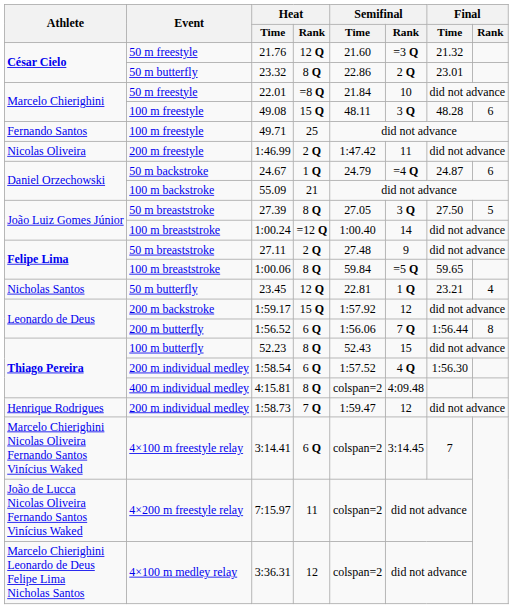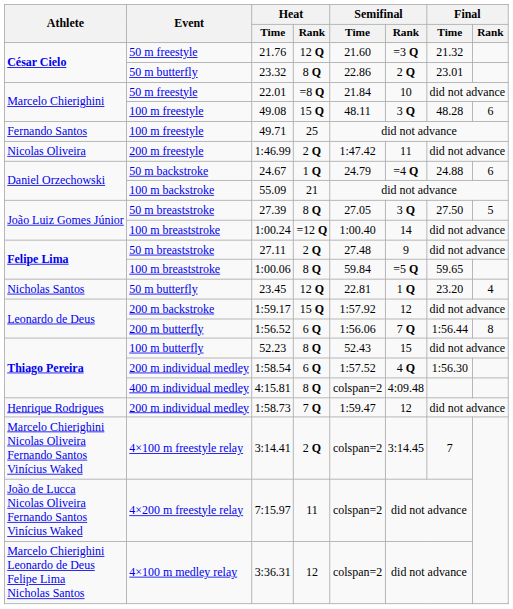 <table class=wikitable style="font-size:90%">
 <tr>
 <th rowspan="2">Athlete</th>
 <th rowspan="2">Event</th>
 <th colspan="2">Heat</th>
 <th colspan="2">Semifinal</th>
 <th colspan="2">Final</th>
 </tr>
 <tr style="font-size:95%">
 <th>Time</th>
 <th>Rank</th>
 <th>Time</th>
 <th>Rank</th>
 <th>Time</th>
 <th>Rank</th>
 </tr>
 <tr align=center>
 <td align=left rowspan=2><strong><a href='#'>César Cielo</a></strong></td>
 <td align=left><a href='#'>50 m freestyle</a></td>
 <td>21.76</td>
 <td>12 <strong>Q</strong></td>
 <td>21.60</td>
 <td>=3 <strong>Q</strong></td>
 <td>21.32</td>
 <td></td>
 </tr>
 <tr align=center>
 <td align=left><a href='#'>50 m butterfly</a></td>
 <td>23.32</td>
 <td>8 <strong>Q</strong></td>
 <td>22.86</td>
 <td>2 <strong>Q</strong></td>
 <td>23.01</td>
 <td></td>
 </tr>
 <tr align=center>
 <td align=left rowspan=2><a href='#'>Marcelo Chierighini</a></td>
 <td align=left><a href='#'>50 m freestyle</a></td>
 <td>22.01</td>
 <td>=8 <strong>Q</strong></td>
 <td>21.84</td>
 <td>10</td>
 <td colspan=2>did not advance</td>
 </tr>
 <tr align=center>
 <td align=left><a href='#'>100 m freestyle</a></td>
 <td>49.08</td>
 <td>15 <strong>Q</strong></td>
 <td>48.11</td>
 <td>3 <strong>Q</strong></td>
 <td>48.28</td>
 <td>6</td>
 </tr>
 <tr align=center>
 <td align=left><a href='#'>Fernando Santos</a></td>
 <td align=left><a href='#'>100 m freestyle</a></td>
 <td>49.71</td>
 <td>25</td>
 <td colspan=4>did not advance</td>
 </tr>
 <tr align=center>
 <td align=left><a href='#'>Nicolas Oliveira</a></td>
 <td align=left><a href='#'>200 m freestyle</a></td>
 <td>1:46.99</td>
 <td>2 <strong>Q</strong></td>
 <td>1:47.42</td>
 <td>11</td>
 <td colspan=2>did not advance</td>
 </tr>
 <tr align=center>
 <td align=left rowspan=2><a href='#'>Daniel Orzechowski</a></td>
 <td align=left><a href='#'>50 m backstroke</a></td>
 <td>24.67</td>
 <td>1 <strong>Q</strong></td>
 <td>24.79</td>
 <td>=4 <strong>Q</strong></td>
-<td>24.87</td>
+<td>24.88</td>
 <td>6</td>
 </tr>
 <tr align=center>
 <td align=left><a href='#'>100 m backstroke</a></td>
 <td>55.09</td>
 <td>21</td>
 <td colspan=4>did not advance</td>
 </tr>
 <tr align=center>
 <td align=left rowspan=2><a href='#'>João Luiz Gomes Júnior</a></td>
 <td align=left><a href='#'>50 m breaststroke</a></td>
 <td>27.39</td>
 <td>8 <strong>Q</strong></td>
 <td>27.05</td>
 <td>3 <strong>Q</strong></td>
 <td>27.50</td>
 <td>5</td>
 </tr>
 <tr align=center>
 <td align=left><a href='#'>100 m breaststroke</a></td>
 <td>1:00.24</td>
 <td>=12 <strong>Q</strong></td>
 <td>1:00.40</td>
 <td>14</td>
 <td colspan=2>did not advance</td>
 </tr>
 <tr align=center>
 <td align=left rowspan=2><strong><a href='#'>Felipe Lima</a></strong></td>
 <td align=left><a href='#'>50 m breaststroke</a></td>
 <td>27.11</td>
 <td>2 <strong>Q</strong></td>
 <td>27.48</td>
 <td>9</td>
 <td colspan=2>did not advance</td>
 </tr>
 <tr align=center>
 <td align=left><a href='#'>100 m breaststroke</a></td>
 <td>1:00.06</td>
 <td>8 <strong>Q</strong></td>
 <td>59.84</td>
 <td>=5 <strong>Q</strong></td>
 <td>59.65</td>
 <td></td>
 </tr>
 <tr align=center>
 <td align=left><a href='#'>Nicholas Santos</a></td>
 <td align=left><a href='#'>50 m butterfly</a></td>
 <td>23.45</td>
 <td>12 <strong>Q</strong></td>
 <td>22.81</td>
 <td>1 <strong>Q</strong></td>
-<td>23.21</td>
+<td>23.20</td>
 <td>4</td>
 </tr>
 <tr align=center>
 <td align=left rowspan=2><a href='#'>Leonardo de Deus</a></td>
 <td align=left><a href='#'>200 m backstroke</a></td>
 <td>1:59.17</td>
 <td>15 <strong>Q</strong></td>
 <td>1:57.92</td>
 <td>12</td>
 <td colspan=2>did not advance</td>
 </tr>
 <tr align=center>
 <td align=left><a href='#'>200 m butterfly</a></td>
 <td>1:56.52</td>
 <td>6 <strong>Q</strong></td>
 <td>1:56.06</td>
 <td>7 <strong>Q</strong></td>
 <td>1:56.44</td>
 <td>8</td>
 </tr>
 <tr align=center>
 <td align=left rowspan=3><strong><a href='#'>Thiago Pereira</a></strong></td>
 <td align=left><a href='#'>100 m butterfly</a></td>
 <td>52.23</td>
 <td>8 <strong>Q</strong></td>
 <td>52.43</td>
 <td>15</td>
 <td colspan=2>did not advance</td>
 </tr>
 <tr align=center>
 <td align=left><a href='#'>200 m individual medley</a></td>
 <td>1:58.54</td>
 <td>6 <strong>Q</strong></td>
 <td>1:57.52</td>
 <td>4 <strong>Q</strong></td>
 <td>1:56.30</td>
 <td></td>
 </tr>
 <tr align=center>
 <td align=left><a href='#'>400 m individual medley</a></td>
 <td>4:15.81</td>
 <td>8 <strong>Q</strong></td>
 <td>colspan=2 </td>
 <td>4:09.48</td>
 <td></td>
 </tr>
 <tr align=center>
 <td align=left><a href='#'>Henrique Rodrigues</a></td>
 <td align=left><a href='#'>200 m individual medley</a></td>
 <td>1:58.73</td>
 <td>7 <strong>Q</strong></td>
 <td>1:59.47</td>
 <td>12</td>
 <td colspan=2>did not advance</td>
 </tr>
 <tr align=center>
 <td align=left><a href='#'>Marcelo Chierighini</a><br><a href='#'>Nicolas Oliveira</a><br><a href='#'>Fernando Santos</a><br><a href='#'>Vinícius Waked</a></td>
 <td align=left><a href='#'>4×100 m freestyle relay</a></td>
 <td>3:14.41</td>
-<td>6 <strong>Q</strong></td>
+<td>2 <strong>Q</strong></td>
 <td>colspan=2 </td>
 <td>3:14.45</td>
 <td>7</td>
 </tr>
 <tr align=center>
 <td align=left><a href='#'>João de Lucca</a><br><a href='#'>Nicolas Oliveira</a><br><a href='#'>Fernando Santos</a><br><a href='#'>Vinícius Waked</a></td>
 <td align=left><a href='#'>4×200 m freestyle relay</a></td>
 <td>7:15.97</td>
 <td>11</td>
 <td>colspan=2 </td>
 <td colspan=2>did not advance</td>
 </tr>
 <tr align=center>
 <td align=left><a href='#'>Marcelo Chierighini</a><br><a href='#'>Leonardo de Deus</a><br><a href='#'>Felipe Lima</a><br><a href='#'>Nicholas Santos</a></td>
 <td align=left><a href='#'>4×100 m medley relay</a></td>
 <td>3:36.31</td>
 <td>12</td>
 <td>colspan=2 </td>
 <td colspan=2>did not advance</td>
 </tr>
 </table>
